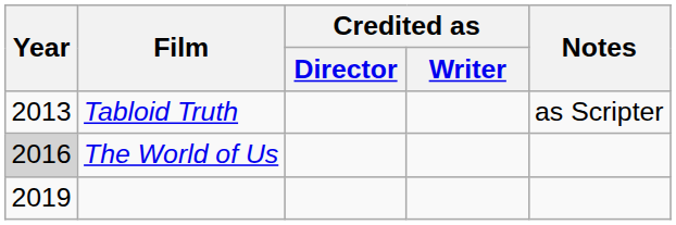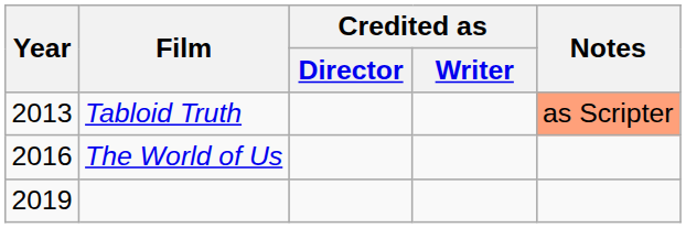 <table class="wikitable">
 <tr>
 <th rowspan="2" style="width:33px;">Year</th>
 <th rowspan="2">Film</th>
 <th colspan="2">Credited as</th>
 <th class="unsortable" rowspan="2">Notes</th>
 </tr>
 <tr>
 <th width=65><a href='#'>Director</a></th>
 <th width=65><a href='#'>Writer</a></th>
 </tr>
 <tr>
 <td>2013</td>
 <td><em><a href='#'>Tabloid Truth</a></em></td>
 <td></td>
 <td></td>
-<td>as Scripter</td>
+<td style="background: lightsalmon;">as Scripter</td>
 </tr>
 <tr>
-<td style="background: lightgrey;">2016</td>
+<td>2016</td>
 <td><em><a href='#'>The World of Us</a></em></td>
 <td></td>
 <td></td>
 <td></td>
 </tr>
 <tr>
 <td>2019</td>
 <td><em></em></td>
 <td></td>
 <td></td>
 <td></td>
 </tr>
 </table>
